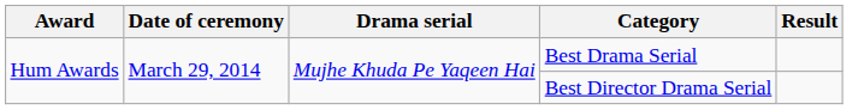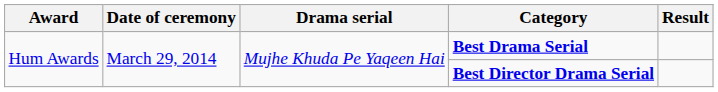 <table class="wikitable">
 <tr>
 <th>Award</th>
 <th>Date of ceremony</th>
 <th>Drama serial</th>
 <th>Category</th>
 <th>Result</th>
 </tr>
 <tr>
 <td rowspan="2"><a href='#'>Hum Awards</a></td>
 <td rowspan="2"><a href='#'>March 29, 2014</a></td>
 <td rowspan="2"><em><a href='#'>Mujhe Khuda Pe Yaqeen Hai</a></em></td>
-<td><a href='#'>Best Drama Serial</a></td>
+<td><strong><a href='#'>Best Drama Serial</a></strong></td>
 <td></td>
 </tr>
 <tr>
-<td><a href='#'>Best Director Drama Serial</a></td>
+<td><strong><a href='#'>Best Director Drama Serial</a></strong></td>
 <td></td>
 </tr>
 </table>
